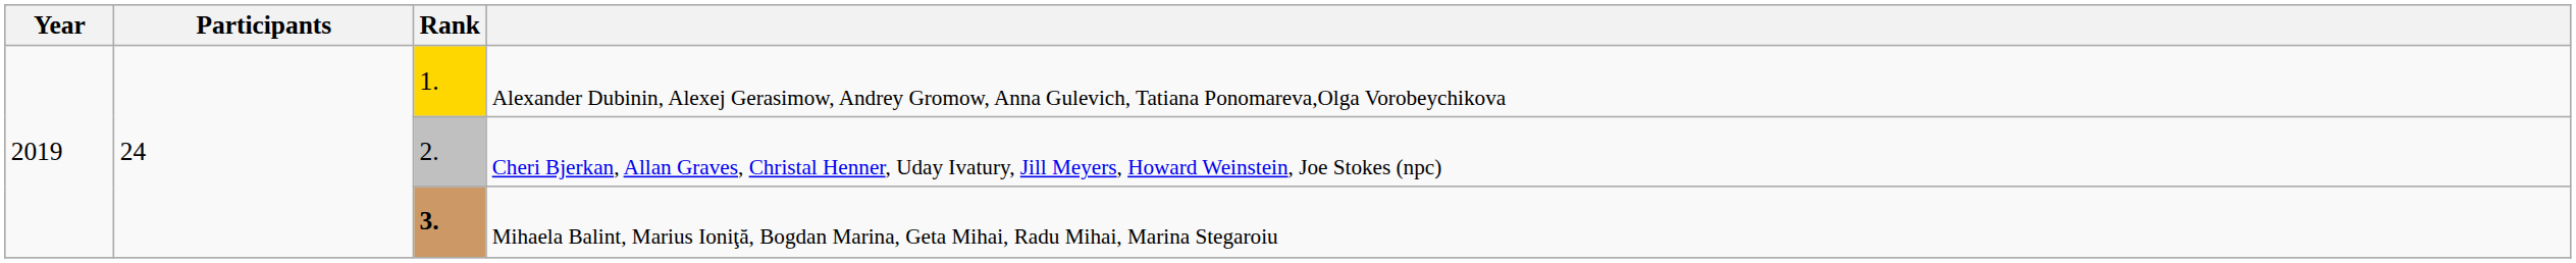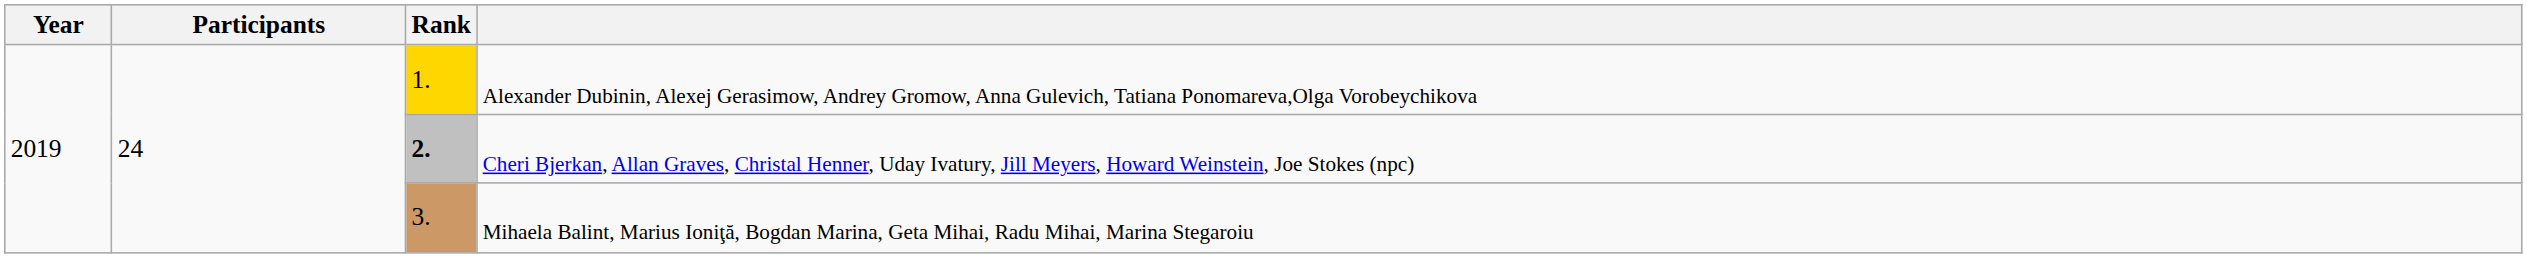 <table class="wikitable" style="width:100%;">
 <tr>
 <th>Year</th>
 <th>Participants</th>
 <th>Rank</th>
 <th></th>
 </tr>
 <tr>
 <td width=60 rowspan=3>2019  </td>
 <td rowspan=3>24</td>
 <td style="background:gold; width:30px;">1.</td>
 <td> <br><small>Alexander Dubinin, Alexej Gerasimow, Andrey Gromow, Anna Gulevich, Tatiana Ponomareva,Olga Vorobeychikova</small></td>
 </tr>
 <tr>
-<td style="background:silver;">2.</td>
+<td style="background:silver;"><strong>2.</strong></td>
 <td> <br><small><a href='#'>Cheri Bjerkan</a>, <a href='#'>Allan Graves</a>, <a href='#'>Christal Henner</a>, Uday Ivatury, <a href='#'>Jill Meyers</a>, <a href='#'>Howard Weinstein</a>, Joe Stokes (npc)</small></td>
 </tr>
 <tr>
-<td style="background:#c96;"><strong>3.</strong></td>
+<td style="background:#c96;">3.</td>
 <td> <br><small>Mihaela Balint, Marius Ioniţă, Bogdan Marina, Geta Mihai, Radu Mihai, Marina Stegaroiu</small></td>
 </tr>
 </table>
